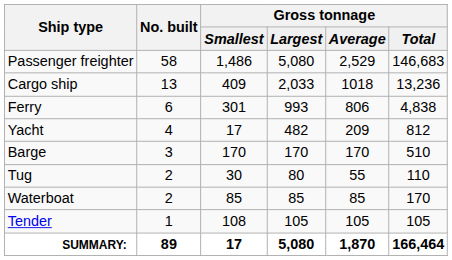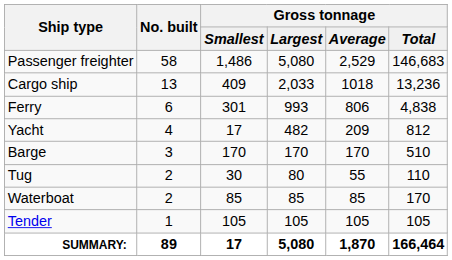 <table class="wikitable">
 <tr>
 <th rowspan="2">Ship type</th>
 <th rowspan="2">No. built</th>
 <th colspan="4">Gross tonnage</th>
 </tr>
 <tr style="background:#f0f0f0;">
 <td align="center"><strong><em>Smallest</em></strong></td>
 <td align="center"><strong><em>Largest</em></strong></td>
 <td align="center"><strong><em>Average</em></strong></td>
 <td align="center"><strong><em>Total</em></strong></td>
 </tr>
 <tr align="center">
 <td align="left">Passenger freighter</td>
 <td>58</td>
 <td>1,486</td>
 <td>5,080</td>
 <td>2,529</td>
 <td>146,683</td>
 </tr>
 <tr align="center">
 <td align="left">Cargo ship</td>
 <td>13</td>
 <td>409</td>
 <td>2,033</td>
 <td>1018</td>
 <td>13,236</td>
 </tr>
 <tr align="center">
 <td align="left">Ferry</td>
 <td>6</td>
 <td>301</td>
 <td>993</td>
 <td>806</td>
 <td>4,838</td>
 </tr>
 <tr align="center">
 <td align="left">Yacht</td>
 <td>4</td>
 <td>17</td>
 <td>482</td>
 <td>209</td>
 <td>812</td>
 </tr>
 <tr align="center">
 <td align="left">Barge</td>
 <td>3</td>
 <td>170</td>
 <td>170</td>
 <td>170</td>
 <td>510</td>
 </tr>
 <tr align="center">
 <td align="left">Tug</td>
 <td>2</td>
 <td>30</td>
 <td>80</td>
 <td>55</td>
 <td>110</td>
 </tr>
 <tr align="center">
 <td align="left">Waterboat</td>
 <td>2</td>
 <td>85</td>
 <td>85</td>
 <td>85</td>
 <td>170</td>
 </tr>
 <tr align="center">
 <td align="left"><a href='#'>Tender</a></td>
 <td>1</td>
-<td>108</td>
+<td>105</td>
 <td>105</td>
 <td>105</td>
 <td>105</td>
 </tr>
 <tr class="sortbottom" style="background:white; font-weight:600;" align="center">
 <td align="right"><small>SUMMARY:  </small></td>
 <td>89</td>
 <td>17</td>
 <td>5,080</td>
 <td>1,870</td>
 <td>166,464</td>
 </tr>
 </table>
